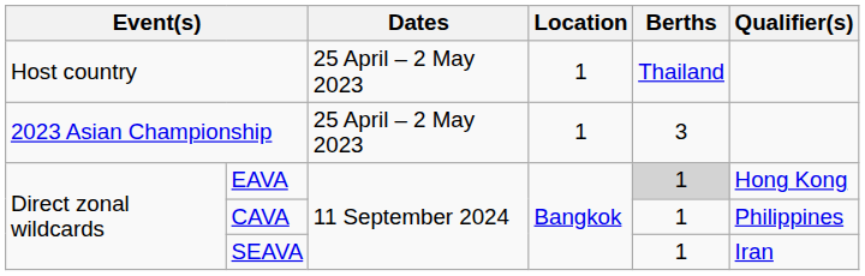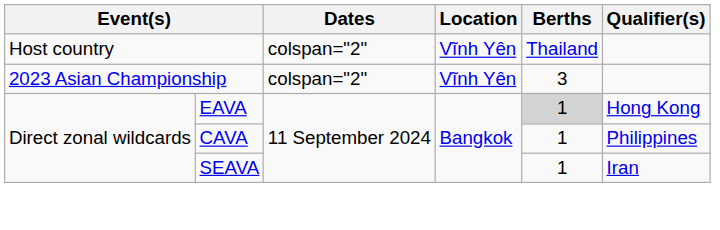 <table class="wikitable">
 <tr>
 <th colspan="2">Event(s)</th>
 <th>Dates</th>
 <th>Location</th>
 <th>Berths</th>
 <th>Qualifier(s)</th>
 </tr>
 <tr>
 <td colspan="2">Host country</td>
-<td>25 April – 2 May 2023</td>
-<td style="text-align:center">1</td>
+<td>colspan="2" </td>
+<td> <a href='#'>Vĩnh Yên</a></td>
 <td> <a href='#'>Thailand</a></td>
 </tr>
 <tr>
 <td colspan=2><a href='#'>2023 Asian Championship</a></td>
-<td>25 April – 2 May 2023</td>
-<td style="text-align:center">1</td>
+<td>colspan="2" </td>
+<td> <a href='#'>Vĩnh Yên</a></td>
 <td style="text-align:center">3</td>
 <td></td>
 </tr>
 <tr>
 <td rowspan="3">Direct zonal wildcards</td>
 <td><a href='#'>EAVA</a></td>
 <td rowspan="3">11 September 2024</td>
 <td rowspan="3"> <a href='#'>Bangkok</a></td>
 <td style="background: lightgrey; text-align:center">1</td>
 <td> <a href='#'>Hong Kong</a></td>
 </tr>
 <tr>
 <td><a href='#'>CAVA</a></td>
 <td style="text-align:center">1</td>
 <td> <a href='#'>Philippines</a></td>
 </tr>
 <tr>
 <td><a href='#'>SEAVA</a></td>
 <td style="text-align:center">1</td>
 <td> <a href='#'>Iran</a></td>
 </tr>
 </table>
